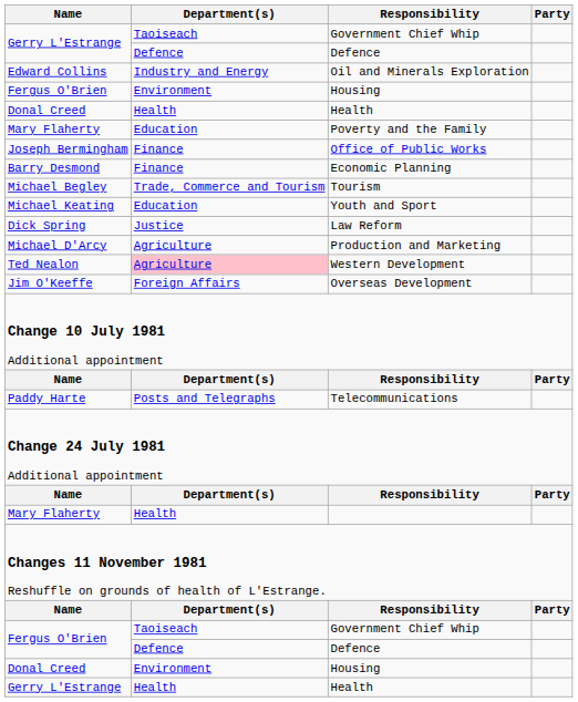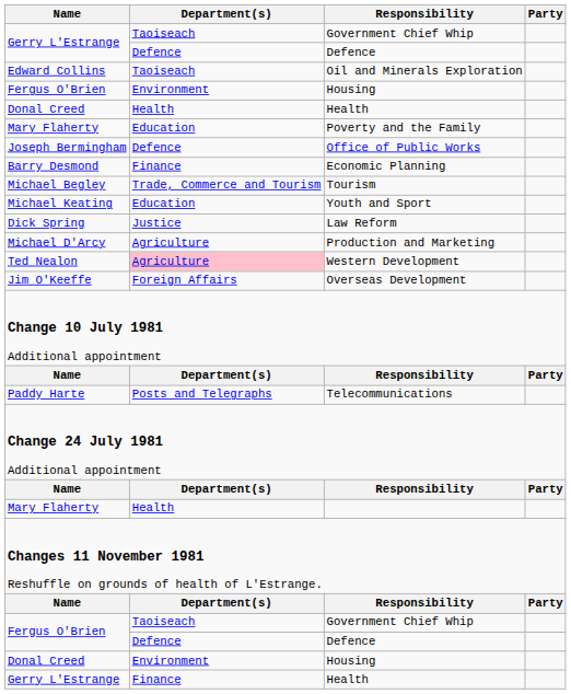 <table class="wikitable">
 <tr>
 <th>Name</th>
 <th>Department(s)</th>
 <th>Responsibility</th>
 <th colspan=2>Party</th>
 </tr>
 <tr>
 <td rowspan=2><a href='#'>Gerry L'Estrange</a></td>
 <td><a href='#'>Taoiseach</a></td>
 <td>Government Chief Whip</td>
 <td></td>
 </tr>
 <tr>
 <td><a href='#'>Defence</a></td>
 <td>Defence</td>
 </tr>
 <tr>
 <td><a href='#'>Edward Collins</a></td>
-<td><a href='#'>Industry and Energy</a></td>
+<td><a href='#'>Taoiseach</a></td>
 <td>Oil and Minerals Exploration</td>
 <td></td>
 </tr>
 <tr>
 <td><a href='#'>Fergus O'Brien</a></td>
 <td><a href='#'>Environment</a></td>
 <td>Housing</td>
 <td></td>
 </tr>
 <tr>
 <td><a href='#'>Donal Creed</a></td>
 <td><a href='#'>Health</a></td>
 <td>Health</td>
 <td></td>
 </tr>
 <tr>
 <td><a href='#'>Mary Flaherty</a></td>
 <td><a href='#'>Education</a></td>
 <td>Poverty and the Family</td>
 <td></td>
 </tr>
 <tr>
 <td><a href='#'>Joseph Bermingham</a></td>
-<td><a href='#'>Finance</a></td>
+<td><a href='#'>Defence</a></td>
 <td><a href='#'>Office of Public Works</a></td>
 <td></td>
 </tr>
 <tr>
 <td><a href='#'>Barry Desmond</a></td>
 <td><a href='#'>Finance</a></td>
 <td>Economic Planning</td>
 <td></td>
 </tr>
 <tr>
 <td><a href='#'>Michael Begley</a></td>
 <td><a href='#'>Trade, Commerce and Tourism</a></td>
 <td>Tourism</td>
 <td></td>
 </tr>
 <tr>
 <td><a href='#'>Michael Keating</a></td>
 <td><a href='#'>Education</a></td>
 <td>Youth and Sport</td>
 <td></td>
 </tr>
 <tr>
 <td><a href='#'>Dick Spring</a></td>
 <td><a href='#'>Justice</a></td>
 <td>Law Reform</td>
 <td></td>
 </tr>
 <tr>
 <td><a href='#'>Michael D'Arcy</a></td>
 <td><a href='#'>Agriculture</a></td>
 <td>Production and Marketing</td>
 <td></td>
 </tr>
 <tr>
 <td><a href='#'>Ted Nealon</a></td>
 <td style="background: pink;"><a href='#'>Agriculture</a></td>
 <td>Western Development</td>
 <td></td>
 </tr>
 <tr>
 <td><a href='#'>Jim O'Keeffe</a></td>
 <td><a href='#'>Foreign Affairs</a></td>
 <td>Overseas Development</td>
 <td></td>
 </tr>
 <tr>
 <td colspan="5"><br><h3>Change 10 July 1981</h3>Additional appointment</td>
 </tr>
 <tr>
 <th>Name</th>
 <th>Department(s)</th>
 <th>Responsibility</th>
 <th colspan=2>Party</th>
 </tr>
 <tr>
 <td><a href='#'>Paddy Harte</a></td>
 <td><a href='#'>Posts and Telegraphs</a></td>
 <td>Telecommunications</td>
 <td></td>
 </tr>
 <tr>
 <td colspan="5"><br><h3>Change 24 July 1981</h3>Additional appointment</td>
 </tr>
 <tr>
 <th>Name</th>
 <th>Department(s)</th>
 <th>Responsibility</th>
 <th colspan=2>Party</th>
 </tr>
 <tr>
 <td><a href='#'>Mary Flaherty</a></td>
 <td><a href='#'>Health</a></td>
 <td></td>
 <td></td>
 </tr>
 <tr>
 <td colspan="5"><br><h3>Changes 11 November 1981</h3>Reshuffle on grounds of health of L'Estrange.</td>
 </tr>
 <tr>
 <th>Name</th>
 <th>Department(s)</th>
 <th>Responsibility</th>
 <th colspan=2>Party</th>
 </tr>
 <tr>
 <td rowspan=2><a href='#'>Fergus O'Brien</a></td>
 <td><a href='#'>Taoiseach</a></td>
 <td>Government Chief Whip</td>
 <td></td>
 </tr>
 <tr>
 <td><a href='#'>Defence</a></td>
 <td>Defence</td>
 </tr>
 <tr>
 <td><a href='#'>Donal Creed</a></td>
 <td><a href='#'>Environment</a></td>
 <td>Housing</td>
 <td></td>
 </tr>
 <tr>
 <td><a href='#'>Gerry L'Estrange</a></td>
-<td><a href='#'>Health</a></td>
+<td><a href='#'>Finance</a></td>
 <td>Health</td>
 <td></td>
 </tr>
 </table>
